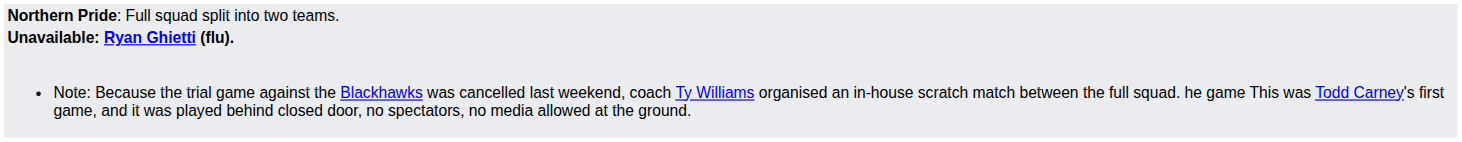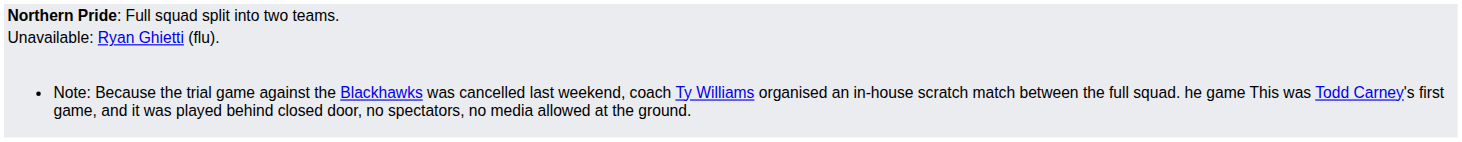 <table style="background:#eaecf0; font-size:85%; width:100%;">
 <tr>
 <td><strong>Northern Pride</strong>: Full squad split into two teams.</td>
 </tr>
 <tr>
-<td><strong>Unavailable: <a href='#'>Ryan Ghietti</a> (flu).</strong></td>
+<td>Unavailable: <a href='#'>Ryan Ghietti</a> (flu).</td>
 </tr>
 <tr>
 <td><br><ul><li>Note: Because the trial game against the <a href='#'>Blackhawks</a> was cancelled last weekend, coach <a href='#'>Ty Williams</a> organised an in-house scratch match between the full squad. he game  This was <a href='#'>Todd Carney</a>'s first game, and it was played behind closed door, no spectators, no media allowed at the ground.</li></ul></td>
 </tr>
 </table>
